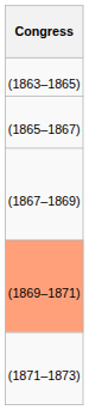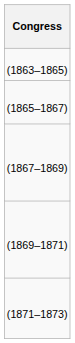 <table class="wikitable" style="float:left; margin:0; margin-right:-0.5px; margin-top:14px; text-align:center;">
 <tr style="white-space:nowrap; height:4.08em;">
 <th>Congress</th>
 </tr>
 <tr style="white-space:nowrap; height:3em;">
 <td><strong></strong><br>(1863–1865)</td>
 </tr>
 <tr style="white-space:nowrap; height:4.02em">
 <td><strong></strong><br>(1865–1867)</td>
 </tr>
 <tr style="white-space:nowrap; height:7.2em">
 <td><strong></strong><br>(1867–1869)</td>
 </tr>
 <tr style="white-space:nowrap; height:7.2em">
-<td style="background: lightsalmon;"><strong></strong><br>(1869–1871)</td>
+<td><strong></strong><br>(1869–1871)</td>
 </tr>
 <tr style="white-space:nowrap; height:5.64em">
 <td><strong></strong><br>(1871–1873)</td>
 </tr>
 </table>
